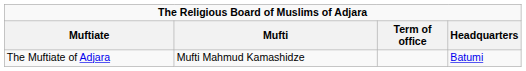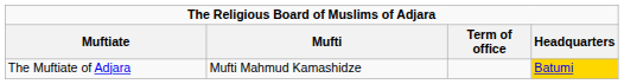 <table class=wikitable>
 <tr>
 <td colspan=4 align=center><strong>The Religious Board of Muslims of Adjara</strong></td>
 </tr>
 <tr>
 <th scope="row" width="250">Muftiate</th>
 <th scope="row" width="300">Mufti</th>
 <th scope="row" width="100">Term of office</th>
 <th scope="row" width="100">Headquarters</th>
 </tr>
 <tr>
 <td>The Muftiate of <a href='#'>Adjara</a></td>
 <td>Mufti Mahmud Kamashidze</td>
 <td></td>
-<td><a href='#'>Batumi</a></td>
+<td style="background: gold;"><a href='#'>Batumi</a></td>
 </tr>
 </table>
